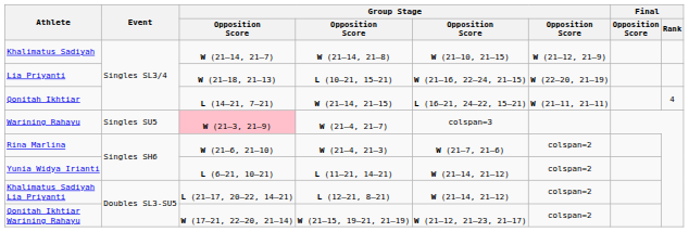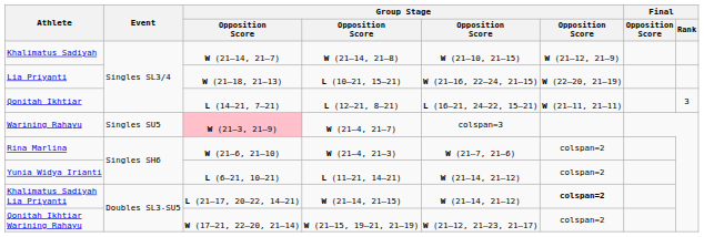 <table class="wikitable" style="font-size:90%; text-align:center">
 <tr>
 <th rowspan="2">Athlete</th>
 <th rowspan="2">Event</th>
 <th colspan="4">Group Stage</th>
 <th colspan="2">Final</th>
 </tr>
 <tr style="font-size:95%">
 <th>Opposition<br>Score</th>
 <th>Opposition<br>Score</th>
 <th>Opposition<br>Score</th>
 <th>Opposition<br>Score</th>
 <th>Opposition<br>Score</th>
 <th>Rank</th>
 </tr>
 <tr>
 <td align="left"><a href='#'>Khalimatus Sadiyah</a></td>
 <td rowspan="3" align="left">Singles SL3/4</td>
 <td><br><strong>W</strong> (21–14, 21–7)</td>
 <td><br><strong>W</strong> (21–14, 21–8)</td>
 <td><br><strong>W</strong> (21–10, 21–15)</td>
 <td><br><strong>W</strong> (21–12, 21–9)</td>
 <td></td>
 <td></td>
 </tr>
 <tr>
 <td align="left"><a href='#'>Lia Priyanti</a></td>
 <td><br><strong>W</strong> (21–18, 21–13)</td>
 <td><br><strong>L</strong> (10–21, 15–21)</td>
 <td><br><strong>W</strong> (21–16, 22–24, 21–15)</td>
 <td><br><strong>W</strong> (22–20, 21–19)</td>
 <td></td>
 <td></td>
 </tr>
 <tr>
 <td align="left"><a href='#'>Qonitah Ikhtiar</a></td>
 <td><br><strong>L</strong> (14–21, 7–21)</td>
-<td><br><strong>W</strong> (21–14, 21–15)</td>
+<td><br><strong>L</strong> (12–21, 8–21)</td>
 <td><br><strong>L</strong> (16–21, 24–22, 15–21)</td>
 <td><br><strong>W</strong> (21–11, 21–11)</td>
 <td></td>
-<td>4</td>
+<td>3</td>
 </tr>
 <tr>
 <td align="left"><a href='#'>Warining Rahayu</a></td>
 <td align="left">Singles SU5</td>
 <td style="background: pink;"><br><strong>W</strong> (21–3, 21–9)</td>
 <td><br><strong>W</strong> (21–4, 21–7)</td>
 <td>colspan=3 </td>
 <td></td>
 </tr>
 <tr>
 <td align="left"><a href='#'>Rina Marlina</a></td>
 <td rowspan="2" align="left">Singles SH6</td>
 <td><br><strong>W</strong> (21–6, 21–10)</td>
 <td><br><strong>W</strong> (21–4, 21–3)</td>
 <td><br><strong>W</strong> (21–7, 21–6)</td>
 <td>colspan=2 </td>
 <td></td>
 </tr>
 <tr>
 <td align="left"><a href='#'>Yunia Widya Irianti</a></td>
 <td><br><strong>L</strong> (6–21, 10–21)</td>
 <td><br><strong>L</strong> (11–21, 14–21)</td>
 <td><br><strong>W</strong> (21–14, 21–12)</td>
 <td>colspan=2 </td>
 <td></td>
 </tr>
 <tr>
 <td align="left"><a href='#'>Khalimatus Sadiyah</a><br><a href='#'>Lia Priyanti</a></td>
 <td rowspan="2" align="left">Doubles SL3-SU5</td>
 <td><br><strong>L</strong> (21–17, 20–22, 14–21)</td>
-<td><br><strong>L</strong> (12–21, 8–21)</td>
+<td><br><strong>W</strong> (21–14, 21–15)</td>
 <td><br><strong>W</strong> (21–14, 21–12)</td>
-<td>colspan=2 </td>
+<td><strong>colspan=2 </strong></td>
 <td></td>
 </tr>
 <tr>
 <td align="left"><a href='#'>Qonitah Ikhtiar</a><br><a href='#'>Warining Rahayu</a></td>
 <td><br><strong>W</strong> (17–21, 22–20, 21–14)</td>
 <td><br><strong>W</strong> (21–15, 19–21, 21–19)</td>
 <td><br><strong>W</strong> (21–12, 21–23, 21–17)</td>
 <td>colspan=2 </td>
 <td></td>
 </tr>
 </table>
